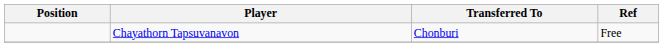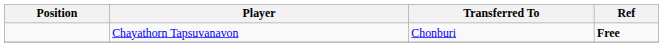 <table class="wikitable sortable" style="width:70%; text-align:center; font-size:100%; text-align:left;">
 <tr>
 <th>Position</th>
 <th>Player</th>
 <th>Transferred To</th>
 <th>Ref</th>
 </tr>
 <tr>
 <td></td>
 <td> <a href='#'>Chayathorn Tapsuvanavon</a></td>
 <td> <a href='#'>Chonburi</a></td>
-<td>Free</td>
+<td><strong>Free</strong></td>
 </tr>
 <tr>
 </tr>
 </table>
